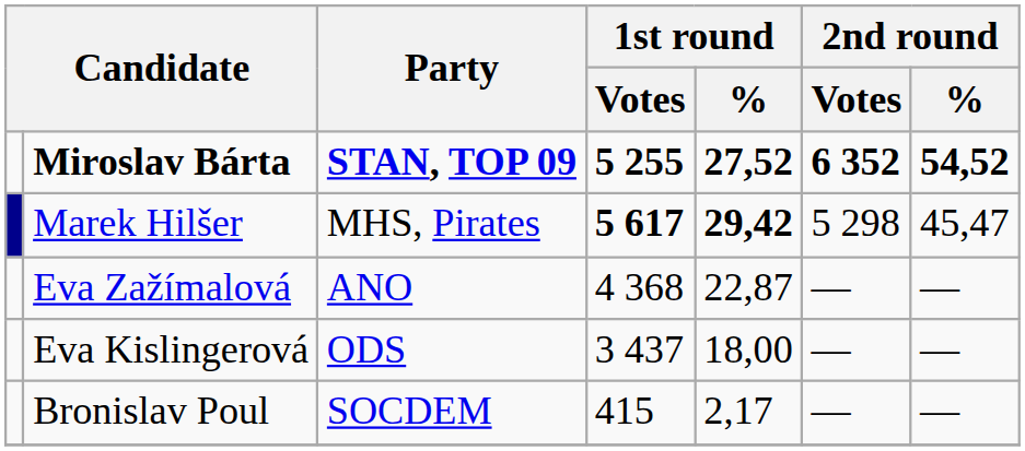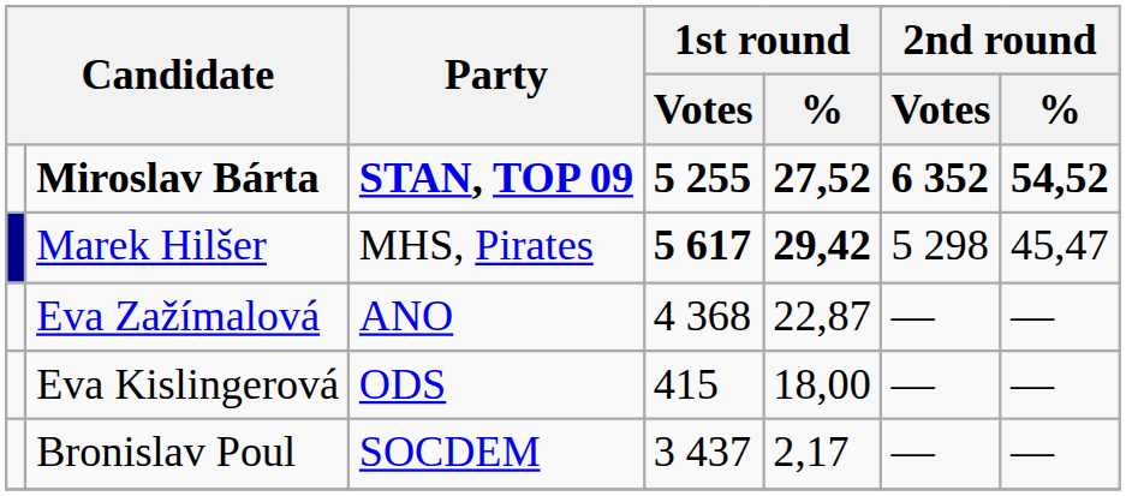 <table class="wikitable sortable">
 <tr>
 <th colspan="2" rowspan="2">Candidate</th>
 <th rowspan="2">Party</th>
 <th colspan="2">1st round</th>
 <th colspan="2">2nd round</th>
 </tr>
 <tr>
 <th>Votes</th>
 <th>%</th>
 <th>Votes</th>
 <th>%</th>
 </tr>
 <tr>
 <td style="background-color:"></td>
 <td><strong>Miroslav Bárta</strong></td>
 <td><strong><a href='#'>STAN</a>, <a href='#'>TOP 09</a></strong></td>
 <td><strong>5 255</strong></td>
 <td><strong>27,52</strong></td>
 <td><strong>6 352</strong></td>
 <td><strong>54,52</strong></td>
 </tr>
 <tr>
 <td style="background-color:darkblue"></td>
 <td><a href='#'>Marek Hilšer</a></td>
 <td>MHS, <a href='#'>Pirates</a></td>
 <td><strong>5 617</strong></td>
 <td><strong>29,42</strong></td>
 <td>5 298</td>
 <td>45,47</td>
 </tr>
 <tr>
 <td style="background-color:"></td>
 <td><a href='#'>Eva Zažímalová</a></td>
 <td><a href='#'>ANO</a></td>
 <td>4 368</td>
 <td>22,87</td>
 <td>—</td>
 <td>—</td>
 </tr>
 <tr>
 <td style="background-color:"></td>
 <td>Eva Kislingerová</td>
 <td><a href='#'>ODS</a></td>
-<td>3 437</td>
+<td>415</td>
 <td>18,00</td>
 <td>—</td>
 <td>—</td>
 </tr>
 <tr>
 <td style="background-color:"></td>
 <td>Bronislav Poul</td>
 <td><a href='#'>SOCDEM</a></td>
-<td>415</td>
+<td>3 437</td>
 <td>2,17</td>
 <td>—</td>
 <td>—</td>
 </tr>
 <tr>
 </tr>
 </table>
